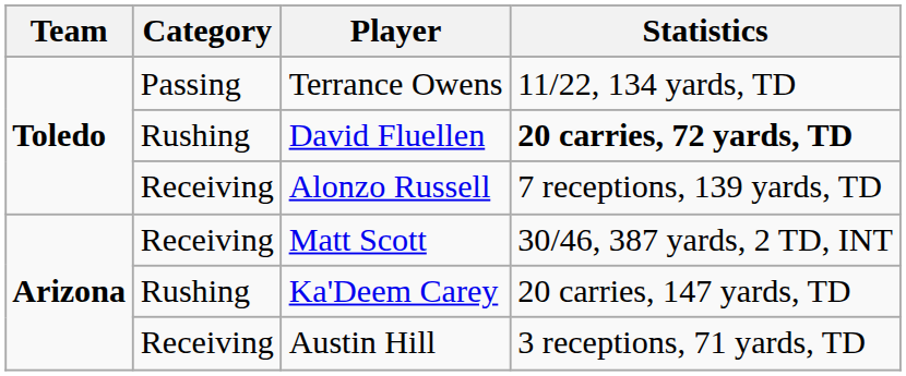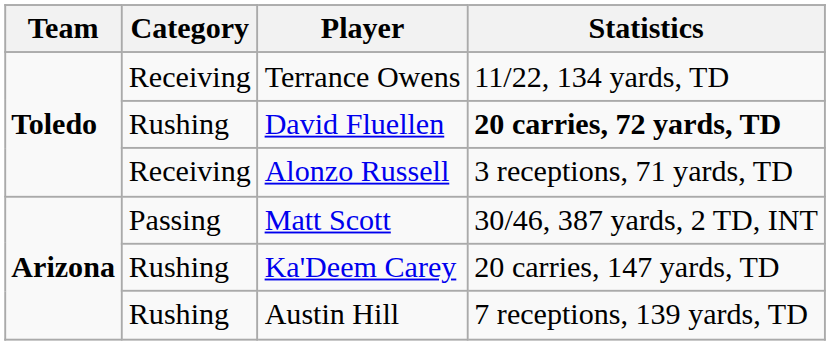 <table class="wikitable" style="float: right;">
 <tr>
 <th>Team</th>
 <th>Category</th>
 <th>Player</th>
 <th>Statistics</th>
 </tr>
 <tr>
 <td rowspan=3><strong>Toledo</strong></td>
-<td>Passing</td>
+<td>Receiving</td>
 <td>Terrance Owens</td>
 <td>11/22, 134 yards, TD</td>
 </tr>
 <tr>
 <td>Rushing</td>
 <td><a href='#'>David Fluellen</a></td>
 <td><strong>20 carries, 72 yards, TD</strong></td>
 </tr>
 <tr>
 <td>Receiving</td>
 <td><a href='#'>Alonzo Russell</a></td>
-<td>7 receptions, 139 yards, TD</td>
+<td>3 receptions, 71 yards, TD</td>
 </tr>
 <tr>
 <td rowspan=3><strong>Arizona</strong></td>
-<td>Receiving</td>
+<td>Passing</td>
 <td><a href='#'>Matt Scott</a></td>
 <td>30/46, 387 yards, 2 TD, INT</td>
 </tr>
 <tr>
 <td>Rushing</td>
 <td><a href='#'>Ka'Deem Carey</a></td>
 <td>20 carries, 147 yards, TD</td>
 </tr>
 <tr>
-<td>Receiving</td>
+<td>Rushing</td>
 <td>Austin Hill</td>
-<td>3 receptions, 71 yards, TD</td>
+<td>7 receptions, 139 yards, TD</td>
 </tr>
 </table>
